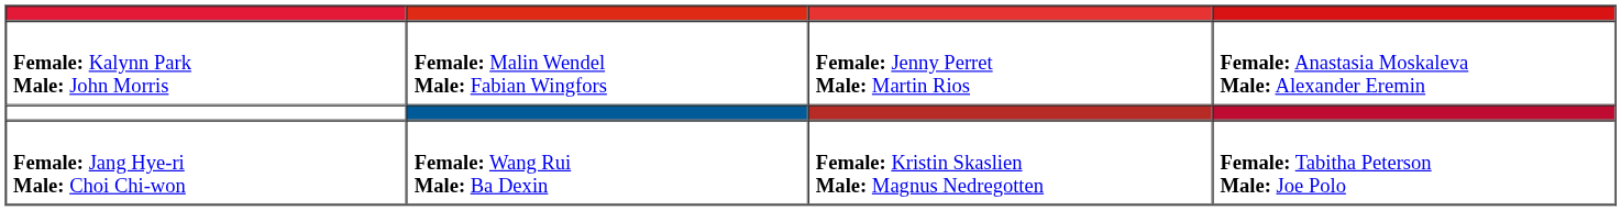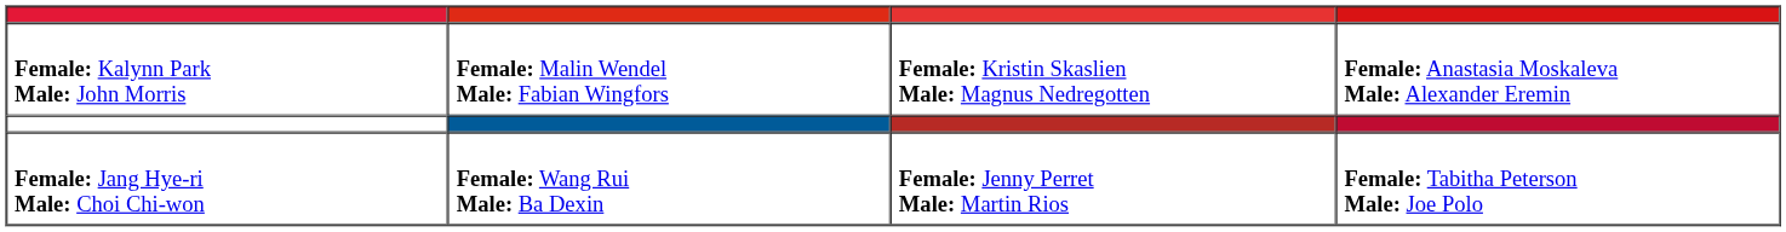 <table border=1 cellpadding=5 cellspacing=0>
 <tr>
 <th bgcolor="#e41837" width="333"></th>
 <th bgcolor="#df2a15" width="333"></th>
 <th bgcolor="#e73332" width="333"></th>
 <th bgcolor="#d91314" width="333"></th>
 </tr>
 <tr>
 <td><br><strong>Female:</strong> <a href='#'>Kalynn Park</a><br> <strong>Male:</strong> <a href='#'>John Morris</a></td>
 <td><br><strong>Female:</strong> <a href='#'>Malin Wendel</a><br> <strong>Male:</strong> <a href='#'>Fabian Wingfors</a></td>
-<td><br><strong>Female:</strong> <a href='#'>Jenny Perret</a><br> <strong>Male:</strong> <a href='#'>Martin Rios</a></td>
+<td><br><strong>Female:</strong> <a href='#'>Kristin Skaslien</a><br> <strong>Male:</strong> <a href='#'>Magnus Nedregotten</a></td>
 <td><br><strong>Female:</strong> <a href='#'>Anastasia Moskaleva</a><br> <strong>Male:</strong> <a href='#'>Alexander Eremin</a></td>
 </tr>
 <tr>
 <th bgcolor="#ffffff" width="333"></th>
 <th bgcolor="#015b99" width="333"></th>
 <th bgcolor="#b72a25" width="333"></th>
 <th bgcolor="#bf0b32" width="333"></th>
 </tr>
 <tr>
 <td><br><strong>Female:</strong> <a href='#'>Jang Hye-ri</a><br> <strong>Male:</strong> <a href='#'>Choi Chi-won</a></td>
 <td><br><strong>Female:</strong> <a href='#'>Wang Rui</a><br> <strong>Male:</strong> <a href='#'>Ba Dexin</a></td>
-<td><br><strong>Female:</strong> <a href='#'>Kristin Skaslien</a><br> <strong>Male:</strong> <a href='#'>Magnus Nedregotten</a></td>
+<td><br><strong>Female:</strong> <a href='#'>Jenny Perret</a><br> <strong>Male:</strong> <a href='#'>Martin Rios</a></td>
 <td><br><strong>Female:</strong> <a href='#'>Tabitha Peterson</a><br> <strong>Male:</strong> <a href='#'>Joe Polo</a></td>
 </tr>
 </table>
